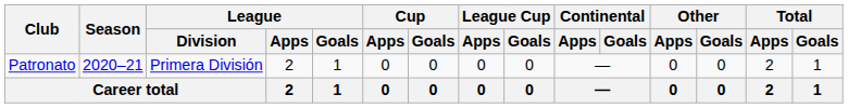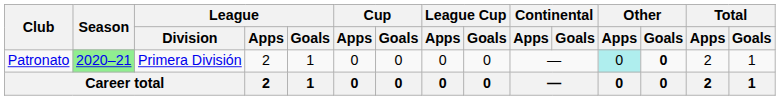 <table class="wikitable" style="text-align:center">
 <tr>
 <th rowspan="2">Club</th>
 <th rowspan="2">Season</th>
 <th colspan="3">League</th>
 <th colspan="2">Cup</th>
 <th colspan="2">League Cup</th>
 <th colspan="2">Continental</th>
 <th colspan="2">Other</th>
 <th colspan="2">Total</th>
 </tr>
 <tr>
 <th>Division</th>
 <th>Apps</th>
 <th>Goals</th>
 <th>Apps</th>
 <th>Goals</th>
 <th>Apps</th>
 <th>Goals</th>
 <th>Apps</th>
 <th>Goals</th>
 <th>Apps</th>
 <th>Goals</th>
 <th>Apps</th>
 <th>Goals</th>
 </tr>
 <tr>
 <td rowspan="1"><a href='#'>Patronato</a></td>
-<td><a href='#'>2020–21</a></td>
+<td style="background: lightgreen;"><a href='#'>2020–21</a></td>
 <td rowspan="1"><a href='#'>Primera División</a></td>
 <td>2</td>
 <td>1</td>
 <td>0</td>
 <td>0</td>
 <td>0</td>
 <td>0</td>
 <td colspan="2">—</td>
-<td>0</td>
-<td>0</td>
+<td style="background: paleturquoise;">0</td>
+<td><strong>0</strong></td>
 <td>2</td>
 <td>1</td>
 </tr>
 <tr>
 <th colspan="3">Career total</th>
 <th>2</th>
 <th>1</th>
 <th>0</th>
 <th>0</th>
 <th>0</th>
 <th>0</th>
 <th colspan="2">—</th>
 <th>0</th>
 <th>0</th>
 <th>2</th>
 <th>1</th>
 </tr>
 </table>
